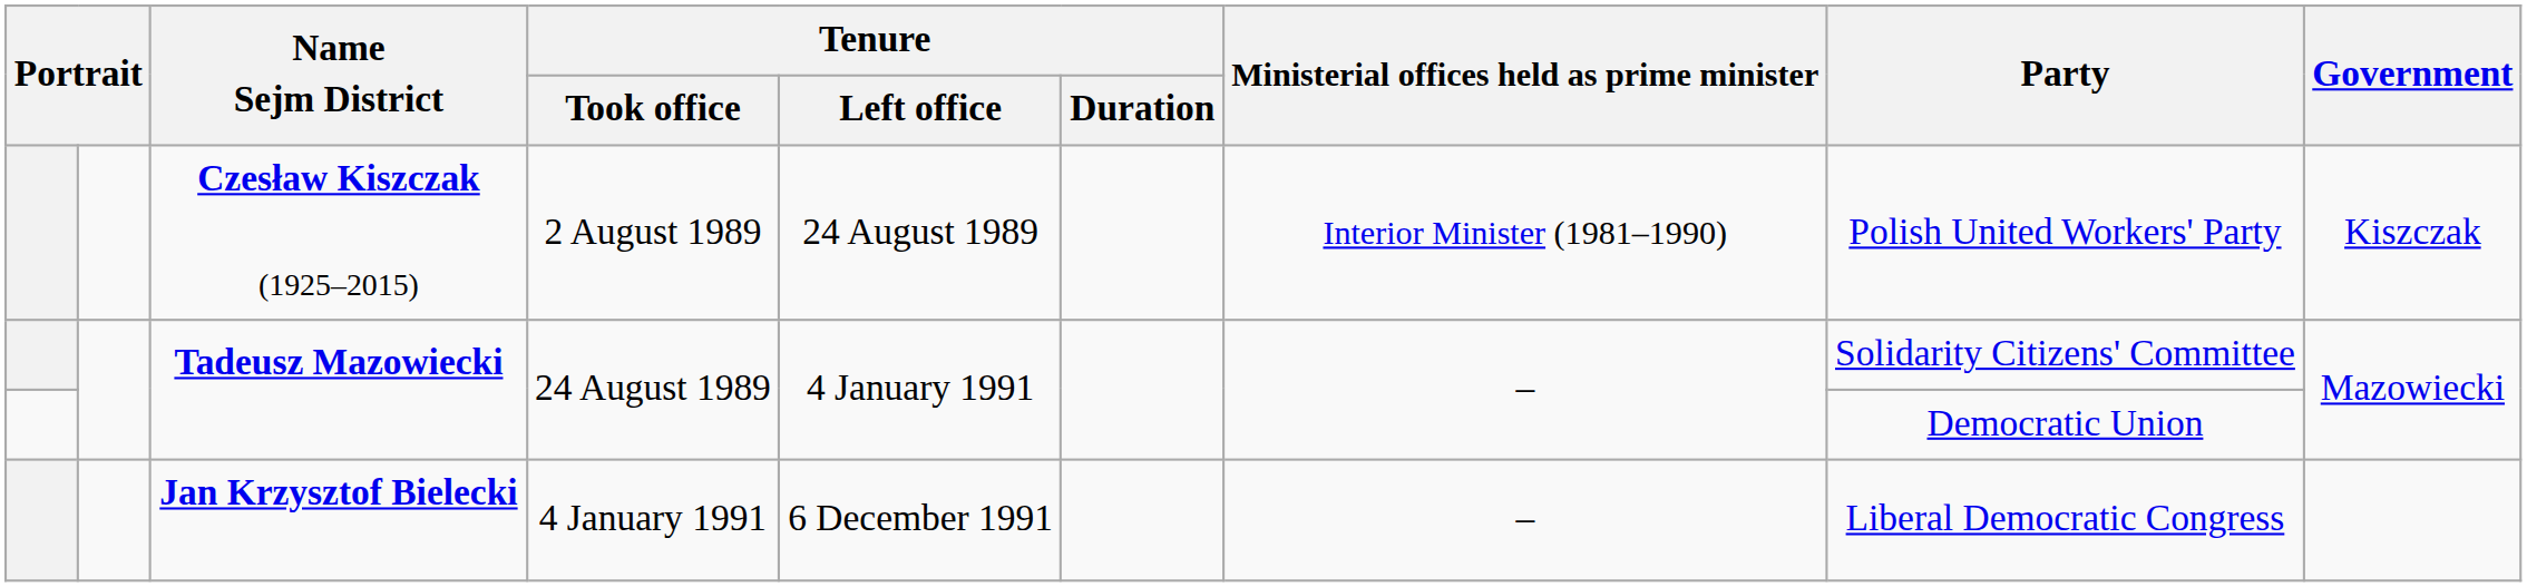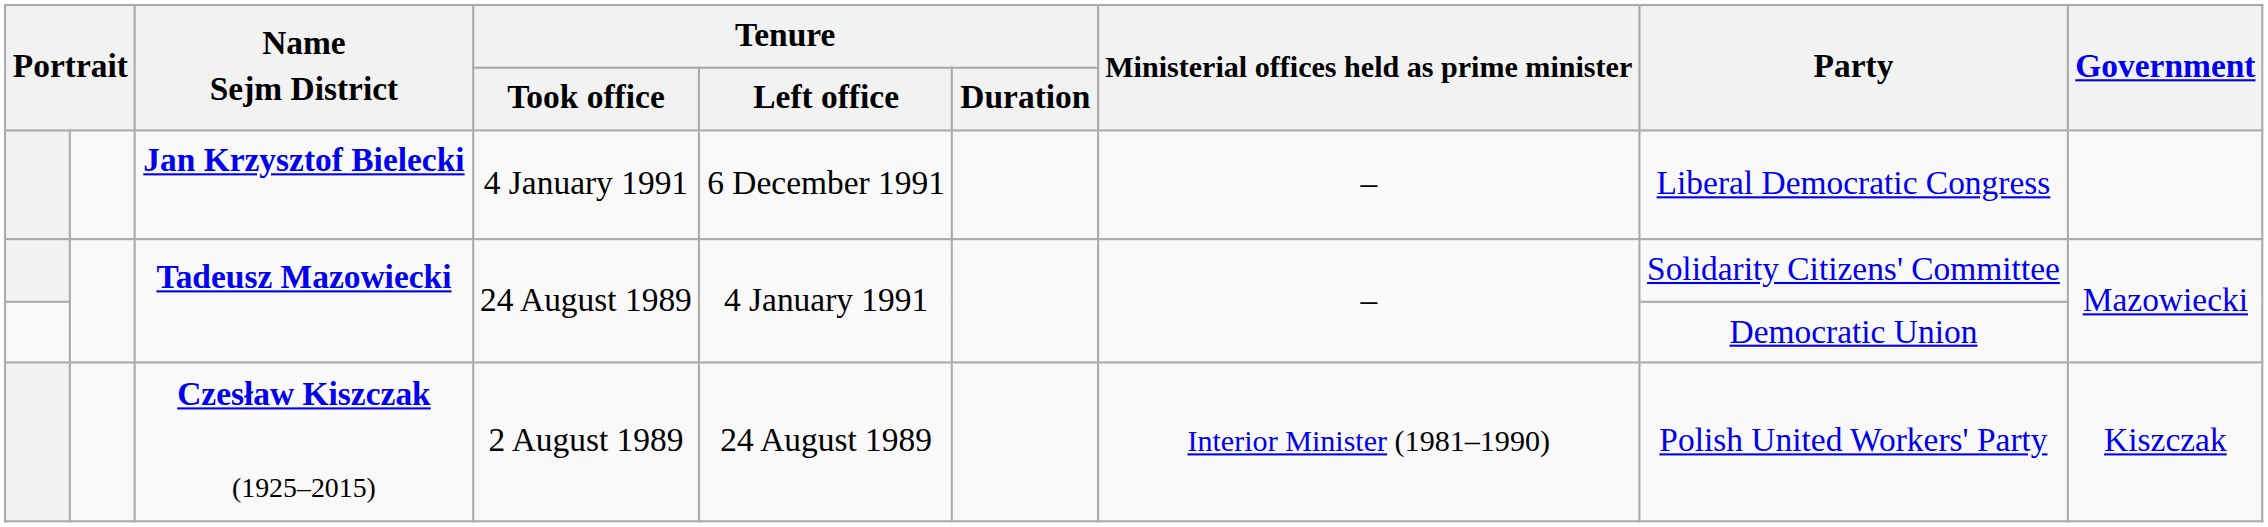 <table class="wikitable" style="line-height:1.4em; text-align:center;">
 <tr>
 <th colspan="2" rowspan="2" scope="col">Portrait</th>
 <th rowspan="2">Name<br>Sejm District<br></th>
 <th colspan="3" scope="colgroup">Tenure</th>
 <th rowspan="2" style="font-size:90%; line-height:normal" scope="col">Ministerial offices held as prime minister</th>
 <th rowspan="2">Party</th>
 <th rowspan="2"><a href='#'>Government</a></th>
 </tr>
 <tr>
 <th>Took office</th>
 <th>Left office</th>
 <th>Duration</th>
 </tr>
 <tr>
-<th style="background:"><br></th>
+<th style="background:"></th>
 <td></td>
-<td><strong><a href='#'>Czesław Kiszczak</a></strong><br><br><small>(1925–2015)</small></td>
-<td>2 August 1989</td>
-<td>24 August 1989<br></td>
+<td><strong><a href='#'>Jan Krzysztof Bielecki</a></strong><br><br></td>
+<td>4 January 1991</td>
+<td>6 December 1991</td>
 <td></td>
-<td style="font-size:90%;"><a href='#'>Interior Minister</a> (1981–1990)</td>
-<td><a href='#'>Polish United Workers' Party</a></td>
-<td><a href='#'>Kiszczak</a></td>
+<td>–</td>
+<td><a href='#'>Liberal Democratic Congress</a></td>
+<td><br></td>
 </tr>
 <tr>
 <th style="background:"><br></th>
 <td rowspan=2></td>
 <td rowspan=2><strong><a href='#'>Tadeusz Mazowiecki</a></strong><br><br></td>
 <td rowspan=2>24 August 1989</td>
 <td rowspan=2>4 January 1991</td>
 <td rowspan=2></td>
 <td rowspan=2>–</td>
 <td><a href='#'>Solidarity Citizens' Committee</a></td>
 <td rowspan=2 ><a href='#'>Mazowiecki</a><br></td>
 </tr>
 <tr>
 <td style="background:"></td>
 <td><a href='#'>Democratic Union</a></td>
 </tr>
 <tr>
-<th style="background:"></th>
+<th style="background:"><br></th>
 <td></td>
-<td><strong><a href='#'>Jan Krzysztof Bielecki</a></strong><br><br></td>
-<td>4 January 1991</td>
-<td>6 December 1991</td>
+<td><strong><a href='#'>Czesław Kiszczak</a></strong><br><br><small>(1925–2015)</small></td>
+<td>2 August 1989</td>
+<td>24 August 1989<br></td>
 <td></td>
-<td>–</td>
-<td><a href='#'>Liberal Democratic Congress</a></td>
-<td><br></td>
+<td style="font-size:90%;"><a href='#'>Interior Minister</a> (1981–1990)</td>
+<td><a href='#'>Polish United Workers' Party</a></td>
+<td><a href='#'>Kiszczak</a></td>
 </tr>
 </table>
